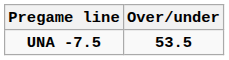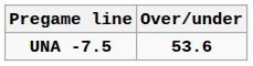 <table class="wikitable">
 <tr align="center">
 <th>Pregame line</th>
 <th>Over/under</th>
 </tr>
 <tr align="center">
 <td><strong>UNA -7.5</strong></td>
-<td><strong>53.5</strong></td>
+<td><strong>53.6</strong></td>
 </tr>
 </table>
